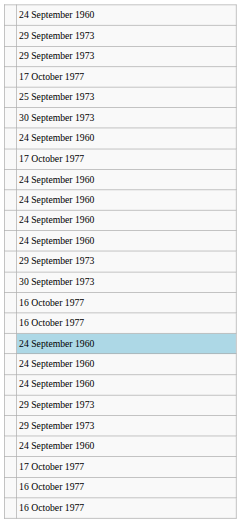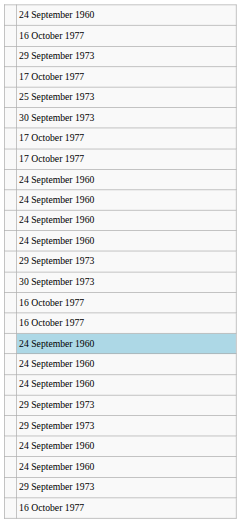 <table class="wikitable" style="font-size: 89%; float: left; width: 24em; margin-right: 1em; line-height: 1.65em">
 <tr>
 <td></td>
 <td>24 September 1960</td>
 </tr>
 <tr>
 <td></td>
-<td>29 September 1973</td>
+<td>16 October 1977</td>
 </tr>
 <tr>
 <td></td>
 <td>29 September 1973</td>
 </tr>
 <tr>
 <td></td>
 <td>17 October 1977</td>
 </tr>
 <tr>
 <td></td>
 <td>25 September 1973</td>
 </tr>
 <tr>
 <td></td>
 <td>30 September 1973</td>
 </tr>
 <tr>
 <td></td>
-<td>24 September 1960</td>
+<td>17 October 1977</td>
 </tr>
 <tr>
 <td></td>
 <td>17 October 1977</td>
 </tr>
 <tr>
 <td></td>
 <td>24 September 1960</td>
 </tr>
 <tr>
 <td></td>
 <td>24 September 1960</td>
 </tr>
 <tr>
 <td></td>
 <td>24 September 1960</td>
 </tr>
 <tr>
 <td></td>
 <td>24 September 1960</td>
 </tr>
 <tr>
 <td></td>
 <td>29 September 1973</td>
 </tr>
 <tr>
 <td></td>
 <td>30 September 1973</td>
 </tr>
 <tr>
 <td></td>
 <td>16 October 1977</td>
 </tr>
 <tr>
 <td></td>
 <td>16 October 1977</td>
 </tr>
 <tr>
 <td></td>
 <td style="background: lightblue;">24 September 1960</td>
 </tr>
 <tr>
 <td></td>
 <td>24 September 1960</td>
 </tr>
 <tr>
 <td></td>
 <td>24 September 1960</td>
 </tr>
 <tr>
 <td></td>
 <td>29 September 1973</td>
 </tr>
 <tr>
 <td></td>
 <td>29 September 1973</td>
 </tr>
 <tr>
 <td></td>
 <td>24 September 1960</td>
 </tr>
 <tr>
 <td></td>
-<td>17 October 1977</td>
+<td>24 September 1960</td>
 </tr>
 <tr>
 <td></td>
-<td>16 October 1977</td>
+<td>29 September 1973</td>
 </tr>
 <tr>
 <td></td>
 <td>16 October 1977</td>
 </tr>
 </table>
